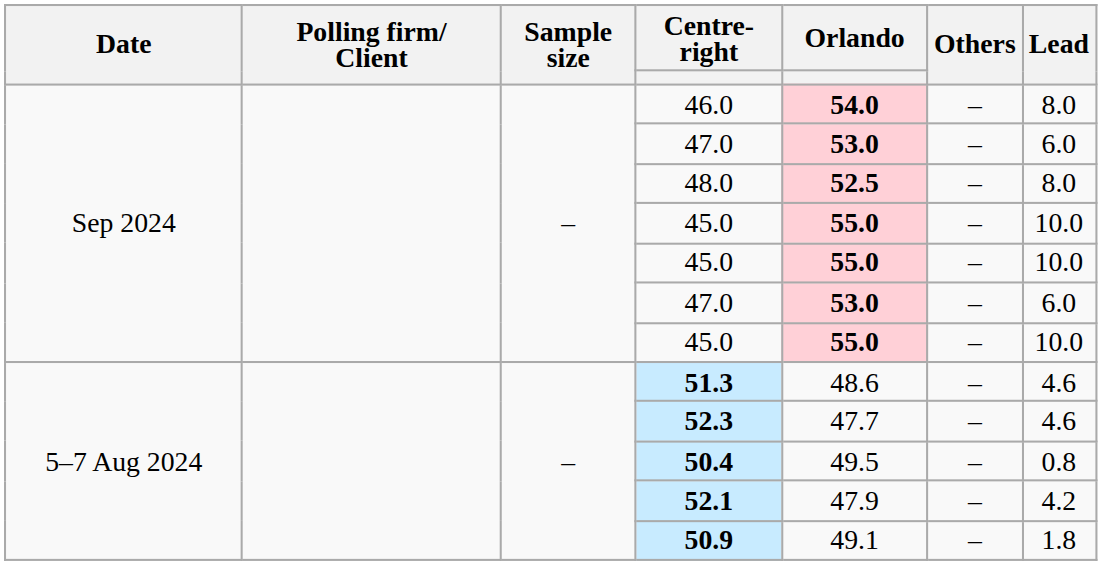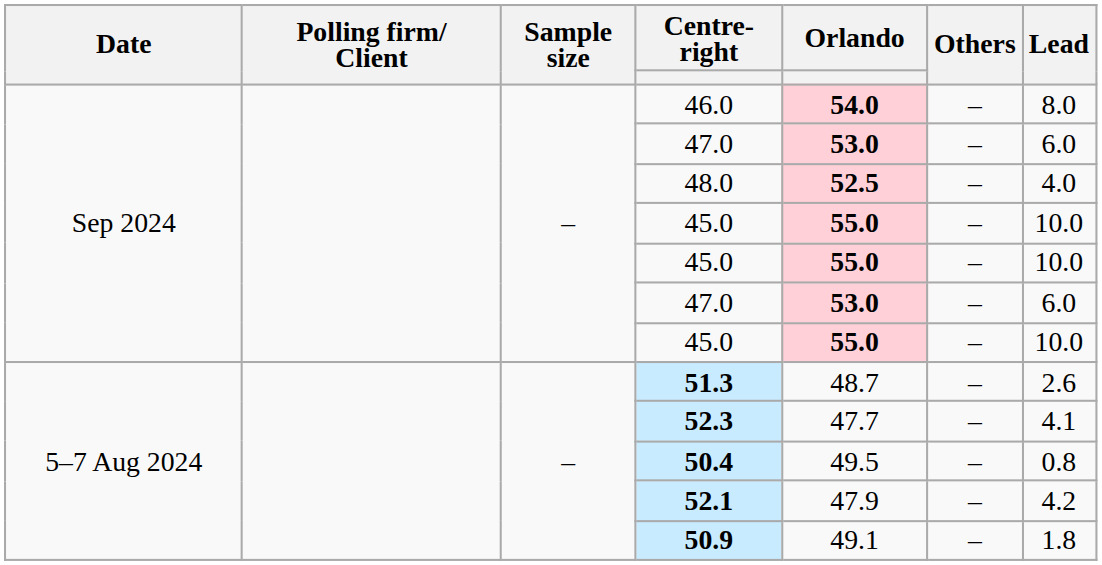 <table class="wikitable collapsible collapsed" style="text-align:center;font-size:85%;line-height:13px">
 <tr style="height:30px; background-color:#E9E9E9">
 <th style="width:110px;" rowspan="2">Date</th>
 <th style="width:120px;" rowspan="2">Polling firm/<br>Client</th>
 <th style="width:60px;" rowspan="2">Sample size</th>
 <th style="width:65px;">Centre-right</th>
 <th style="width:65px;">Orlando</th>
 <th style="width:35px;" rowspan="2">Others</th>
 <th style="width:25px;" rowspan="2">Lead</th>
 </tr>
 <tr>
 <th style="background:"></th>
 <th style="background:"></th>
 </tr>
 <tr>
 <td rowspan=7>Sep 2024</td>
 <td rowspan=7></td>
 <td rowspan=7>–</td>
 <td>46.0</td>
 <td style="background:#FFD0D7"><strong>54.0</strong></td>
 <td>–</td>
 <td style="background:">8.0</td>
 </tr>
 <tr>
 <td>47.0</td>
 <td style="background:#FFD0D7"><strong>53.0</strong></td>
 <td>–</td>
 <td style="background:">6.0</td>
 </tr>
 <tr>
 <td>48.0</td>
 <td style="background:#FFD0D7"><strong>52.5</strong></td>
 <td>–</td>
-<td style="background:">8.0</td>
+<td style="background:">4.0</td>
 </tr>
 <tr>
 <td>45.0</td>
 <td style="background:#FFD0D7"><strong>55.0</strong></td>
 <td>–</td>
 <td style="background:">10.0</td>
 </tr>
 <tr>
 <td>45.0</td>
 <td style="background:#FFD0D7"><strong>55.0</strong></td>
 <td>–</td>
 <td style="background:">10.0</td>
 </tr>
 <tr>
 <td>47.0</td>
 <td style="background:#FFD0D7"><strong>53.0</strong></td>
 <td>–</td>
 <td style="background:">6.0</td>
 </tr>
 <tr>
 <td>45.0</td>
 <td style="background:#FFD0D7"><strong>55.0</strong></td>
 <td>–</td>
 <td style="background:">10.0</td>
 </tr>
 <tr>
 <td rowspan=5>5–7 Aug 2024</td>
 <td rowspan=5></td>
 <td rowspan=5>–</td>
 <td style="background:#C8EBFF"><strong>51.3</strong></td>
-<td>48.6</td>
+<td>48.7</td>
 <td>–</td>
-<td style="background:">4.6</td>
+<td style="background:">2.6</td>
 </tr>
 <tr>
 <td style="background:#C8EBFF"><strong>52.3</strong></td>
 <td>47.7</td>
 <td>–</td>
-<td style="background:">4.6</td>
+<td style="background:">4.1</td>
 </tr>
 <tr>
 <td style="background:#C8EBFF"><strong>50.4</strong></td>
 <td>49.5</td>
 <td>–</td>
 <td style="background:">0.8</td>
 </tr>
 <tr>
 <td style="background:#C8EBFF"><strong>52.1</strong></td>
 <td>47.9</td>
 <td>–</td>
 <td style="background:">4.2</td>
 </tr>
 <tr>
 <td style="background:#C8EBFF"><strong>50.9</strong></td>
 <td>49.1</td>
 <td>–</td>
 <td style="background:">1.8</td>
 </tr>
 </table>
